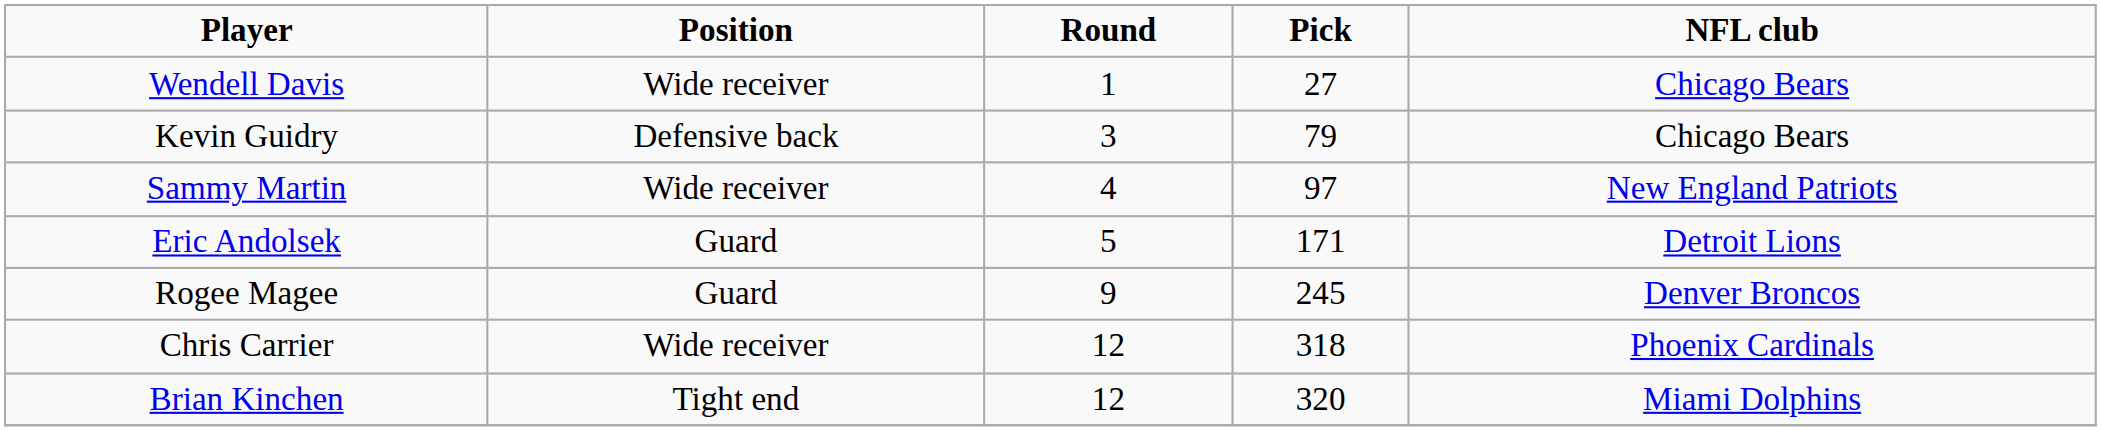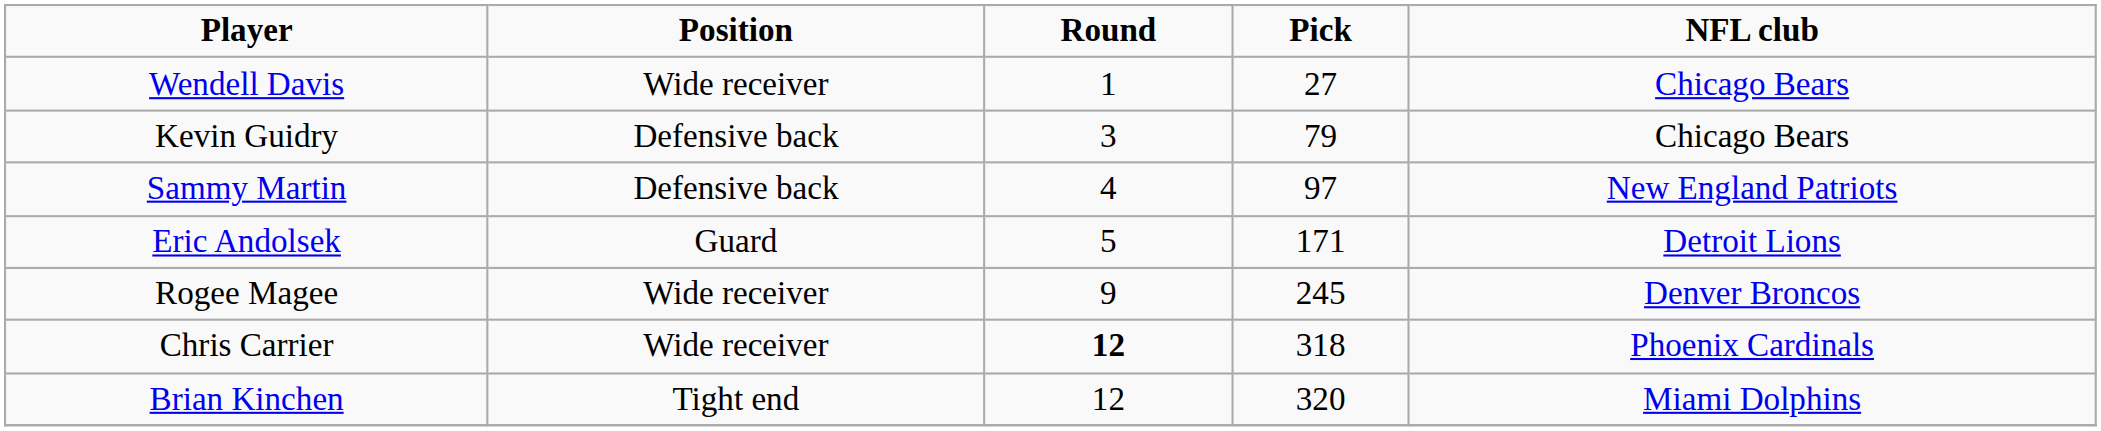 <table class="wikitable" width="80%">
 <tr align="center">
 <td><strong>Player</strong></td>
 <td><strong>Position</strong></td>
 <td><strong>Round</strong></td>
 <td><strong>Pick</strong></td>
 <td><strong>NFL club</strong></td>
 </tr>
 <tr align="center" bgcolor="">
 <td><a href='#'>Wendell Davis</a></td>
 <td>Wide receiver</td>
 <td>1</td>
 <td>27</td>
 <td><a href='#'>Chicago Bears</a></td>
 </tr>
 <tr align="center" bgcolor="">
 <td>Kevin Guidry</td>
 <td>Defensive back</td>
 <td>3</td>
 <td>79</td>
 <td>Chicago Bears</td>
 </tr>
 <tr align="center" bgcolor="">
 <td><a href='#'>Sammy Martin</a></td>
-<td>Wide receiver</td>
+<td>Defensive back</td>
 <td>4</td>
 <td>97</td>
 <td><a href='#'>New England Patriots</a></td>
 </tr>
 <tr align="center" bgcolor="">
 <td><a href='#'>Eric Andolsek</a></td>
 <td>Guard</td>
 <td>5</td>
 <td>171</td>
 <td><a href='#'>Detroit Lions</a></td>
 </tr>
 <tr align="center" bgcolor="">
 <td>Rogee Magee</td>
-<td>Guard</td>
+<td>Wide receiver</td>
 <td>9</td>
 <td>245</td>
 <td><a href='#'>Denver Broncos</a></td>
 </tr>
 <tr align="center" bgcolor="">
 <td>Chris Carrier</td>
 <td>Wide receiver</td>
-<td>12</td>
+<td><strong>12</strong></td>
 <td>318</td>
 <td><a href='#'>Phoenix Cardinals</a></td>
 </tr>
 <tr align="center" bgcolor="">
 <td><a href='#'>Brian Kinchen</a></td>
 <td>Tight end</td>
 <td>12</td>
 <td>320</td>
 <td><a href='#'>Miami Dolphins</a></td>
 </tr>
 <tr align="center" bgcolor="">
 </tr>
 </table>
